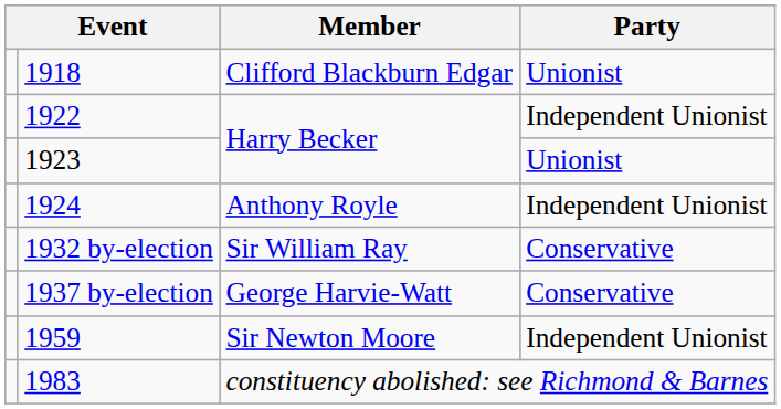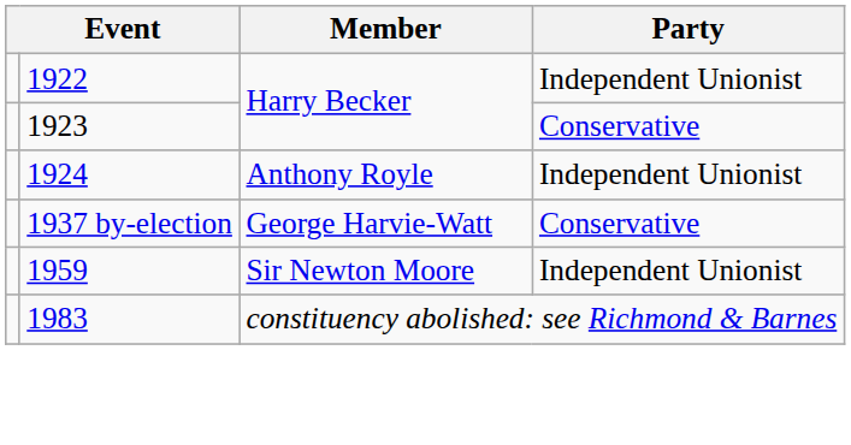 <table class="wikitable">
 <tr>
 <th colspan="2">Event</th>
 <th>Member</th>
 <th>Party</th>
-</tr>
-<tr>
-<td style="color:inherit;background-color: "></td>
-<td><a href='#'>1918</a></td>
-<td><a href='#'>Clifford Blackburn Edgar</a></td>
-<td><a href='#'>Unionist</a></td>
 </tr>
 <tr>
 <td style="color:inherit;background-color: "></td>
 <td><a href='#'>1922</a></td>
 <td rowspan="2"><a href='#'>Harry Becker</a></td>
 <td>Independent Unionist</td>
 </tr>
 <tr>
 <td style="color:inherit;background-color: "></td>
 <td>1923</td>
-<td><a href='#'>Unionist</a></td>
+<td><a href='#'>Conservative</a></td>
 </tr>
 <tr>
 <td style="color:inherit;background-color: "></td>
 <td><a href='#'>1924</a></td>
 <td><a href='#'>Anthony Royle</a></td>
 <td>Independent Unionist</td>
-</tr>
-<tr>
-<td style="color:inherit;background-color: "></td>
-<td><a href='#'>1932 by-election</a></td>
-<td><a href='#'>Sir William Ray</a></td>
-<td><a href='#'>Conservative</a></td>
 </tr>
 <tr>
 <td style="color:inherit;background-color: "></td>
 <td><a href='#'>1937 by-election</a></td>
 <td><a href='#'>George Harvie-Watt</a></td>
 <td><a href='#'>Conservative</a></td>
 </tr>
 <tr>
 <td style="color:inherit;background-color: "></td>
 <td><a href='#'>1959</a></td>
 <td><a href='#'>Sir Newton Moore</a></td>
 <td>Independent Unionist</td>
 </tr>
 <tr>
 <td></td>
 <td><a href='#'>1983</a></td>
 <td colspan="2"><em>constituency abolished: see <a href='#'>Richmond & Barnes</a></em></td>
 </tr>
 </table>
